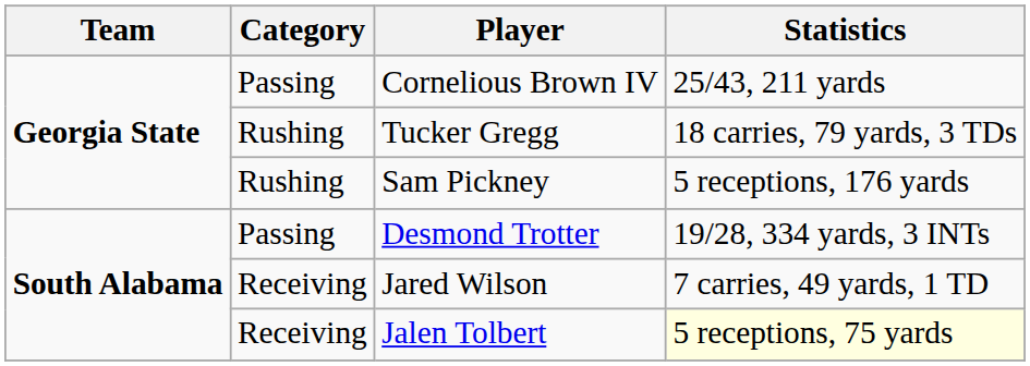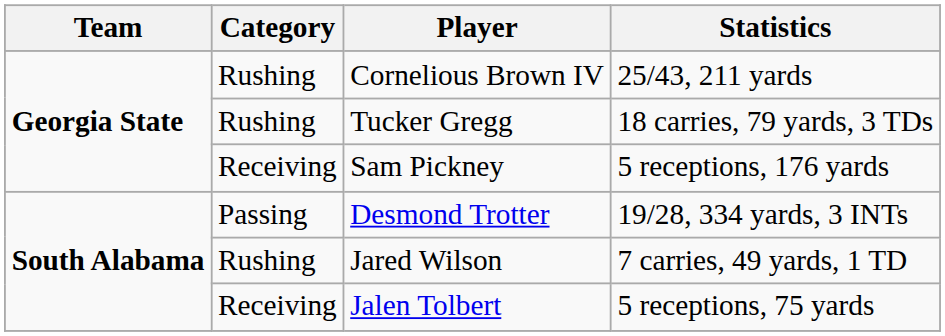 <table class="wikitable" style="float: left;">
 <tr>
 <th>Team</th>
 <th>Category</th>
 <th>Player</th>
 <th>Statistics</th>
 </tr>
 <tr>
 <td rowspan=3><strong>Georgia State</strong></td>
-<td>Passing</td>
+<td>Rushing</td>
 <td>Cornelious Brown IV</td>
 <td>25/43, 211 yards</td>
 </tr>
 <tr>
 <td>Rushing</td>
 <td>Tucker Gregg</td>
 <td>18 carries, 79 yards, 3 TDs</td>
 </tr>
 <tr>
-<td>Rushing</td>
+<td>Receiving</td>
 <td>Sam Pickney</td>
 <td>5 receptions, 176 yards</td>
 </tr>
 <tr>
 <td rowspan=3><strong>South Alabama</strong></td>
 <td>Passing</td>
 <td><a href='#'>Desmond Trotter</a></td>
 <td>19/28, 334 yards, 3 INTs</td>
 </tr>
 <tr>
-<td>Receiving</td>
+<td>Rushing</td>
 <td>Jared Wilson</td>
 <td>7 carries, 49 yards, 1 TD</td>
 </tr>
 <tr>
 <td>Receiving</td>
 <td><a href='#'>Jalen Tolbert</a></td>
-<td style="background: lightyellow;">5 receptions, 75 yards</td>
+<td>5 receptions, 75 yards</td>
 </tr>
 </table>
